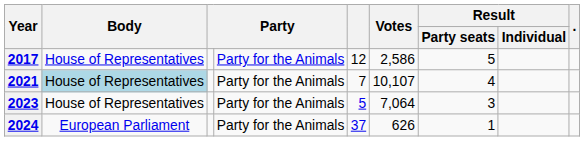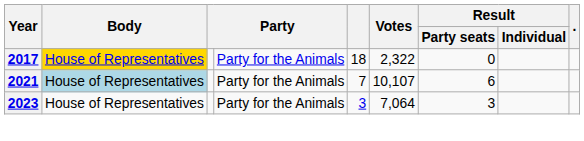 <table class="wikitable plainrowheaders sortable" border=2 cellpadding=4 cellspacing=0 style="border: 1px #aaa solid; font-size: 90%; text-align:center;">
 <tr>
 <th scope="col" rowspan=2>Year</th>
 <th scope="col" rowspan=2>Body</th>
 <th scope="col" colspan=2 rowspan=2>Party</th>
 <th scope="col" rowspan=2></th>
 <th scope="col" rowspan=2>Votes</th>
 <th scope="colgroup" colspan=2>Result</th>
 <th scope="col" rowspan=2 class="unsortable">.</th>
 </tr>
 <tr>
 <th scope="col">Party seats</th>
 <th scope="col">Individual</th>
 </tr>
 <tr>
 <th scope="row"><a href='#'>2017</a></th>
-<td><a href='#'>House of Representatives</a></td>
+<td style="background: gold;"><a href='#'>House of Representatives</a></td>
 <td style="background-color:"></td>
 <td><a href='#'>Party for the Animals</a></td>
-<td style=text-align:right>12</td>
-<td style=text-align:right>2,586</td>
-<td style=text-align:right>5</td>
+<td style=text-align:right>18</td>
+<td style=text-align:right>2,322</td>
+<td style=text-align:right>0</td>
 <td></td>
 <td></td>
 </tr>
 <tr>
 <th scope="row"><a href='#'>2021</a></th>
 <td style="background: lightblue;">House of Representatives</td>
 <td style="background-color:"></td>
 <td>Party for the Animals</td>
 <td style=text-align:right>7</td>
 <td style=text-align:right>10,107</td>
-<td style=text-align:right>4</td>
+<td style=text-align:right>6</td>
 <td></td>
 <td></td>
 </tr>
 <tr>
 <th scope="row"><a href='#'>2023</a></th>
 <td>House of Representatives</td>
 <td style="background-color:"></td>
 <td>Party for the Animals</td>
-<td style=text-align:right><a href='#'>5</a></td>
+<td style=text-align:right><a href='#'>3</a></td>
 <td style=text-align:right>7,064</td>
 <td style=text-align:right>3</td>
 <td></td>
 <td></td>
 </tr>
-<tr>
-<th scope="row"><a href='#'>2024</a></th>
-<td><a href='#'>European Parliament</a></td>
-<td style="background-color:"></td>
-<td>Party for the Animals</td>
-<td style=text-align:right><a href='#'>37</a></td>
-<td style=text-align:right>626</td>
-<td style=text-align:right>1</td>
-<td></td>
-<td></td>
-</tr>
 </table>
